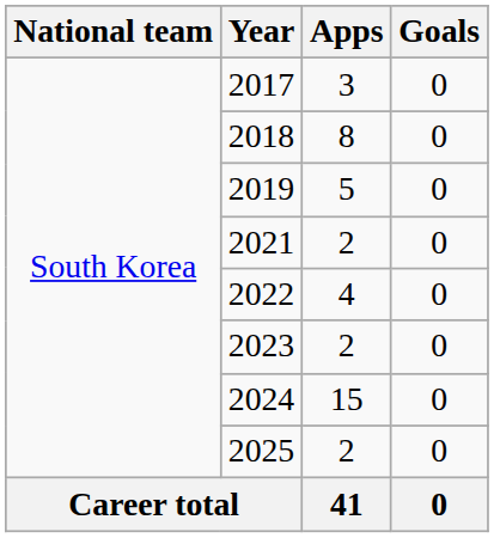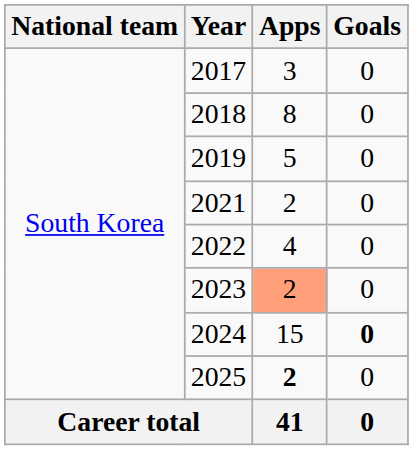 <table class="wikitable" style="text-align:center">
 <tr>
 <th>National team</th>
 <th>Year</th>
 <th>Apps</th>
 <th>Goals</th>
 </tr>
 <tr>
 <td rowspan="8"><a href='#'>South Korea</a></td>
 <td>2017</td>
 <td>3</td>
 <td>0</td>
 </tr>
 <tr>
 <td>2018</td>
 <td>8</td>
 <td>0</td>
 </tr>
 <tr>
 <td>2019</td>
 <td>5</td>
 <td>0</td>
 </tr>
 <tr>
 <td>2021</td>
 <td>2</td>
 <td>0</td>
 </tr>
 <tr>
 <td>2022</td>
 <td>4</td>
 <td>0</td>
 </tr>
 <tr>
 <td>2023</td>
-<td>2</td>
+<td style="background: lightsalmon;">2</td>
 <td>0</td>
 </tr>
 <tr>
 <td>2024</td>
 <td>15</td>
-<td>0</td>
+<td><strong>0</strong></td>
 </tr>
 <tr>
 <td>2025</td>
-<td>2</td>
+<td><strong>2</strong></td>
 <td>0</td>
 </tr>
 <tr>
 <th colspan="2">Career total</th>
 <th>41</th>
 <th>0</th>
 </tr>
 </table>
